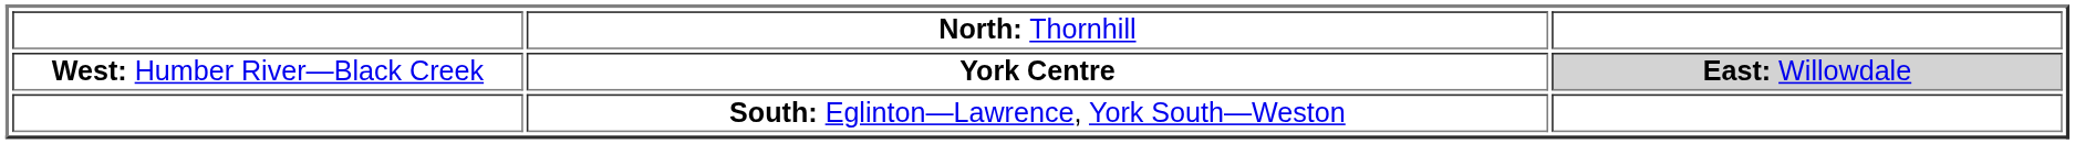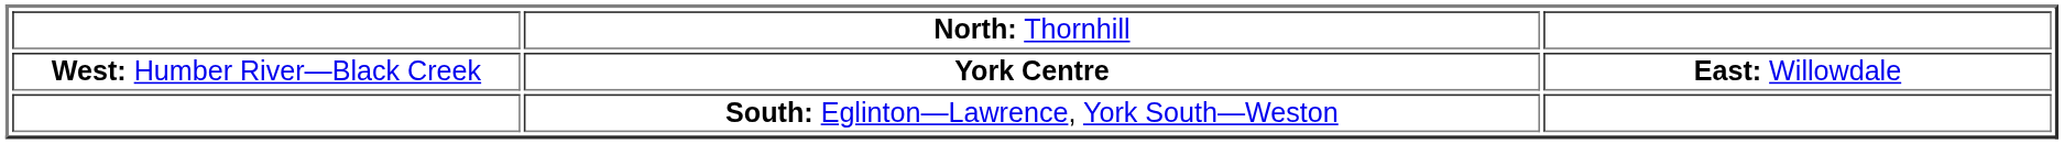 <table width="75%" border="2" align="center">
 <tr ---->
 <td width="25%" align="center"></td>
 <td width="50%" align="center"><strong>North:</strong> <a href='#'>Thornhill</a></td>
 <td width="25%" align="center"></td>
 </tr>
 <tr ---->
 <td align="center"><strong>West:</strong> <a href='#'>Humber River—Black Creek</a></td>
 <td align="center"><strong>York Centre</strong></td>
-<td align="center" style="background: lightgrey;"><strong>East:</strong> <a href='#'>Willowdale</a></td>
+<td align="center"><strong>East:</strong> <a href='#'>Willowdale</a></td>
 </tr>
 <tr ---->
 <td align="center"></td>
 <td align="center"><strong>South:</strong> <a href='#'>Eglinton—Lawrence</a>, <a href='#'>York South—Weston</a></td>
 <td align="center"></td>
 </tr>
 </table>
